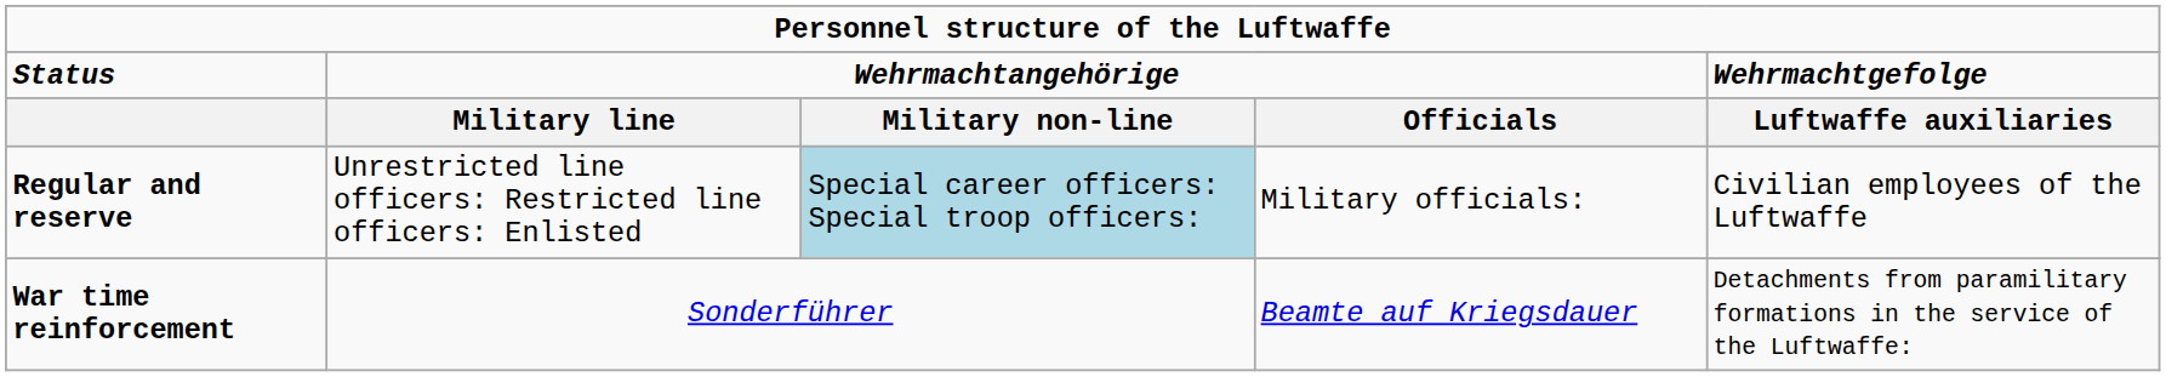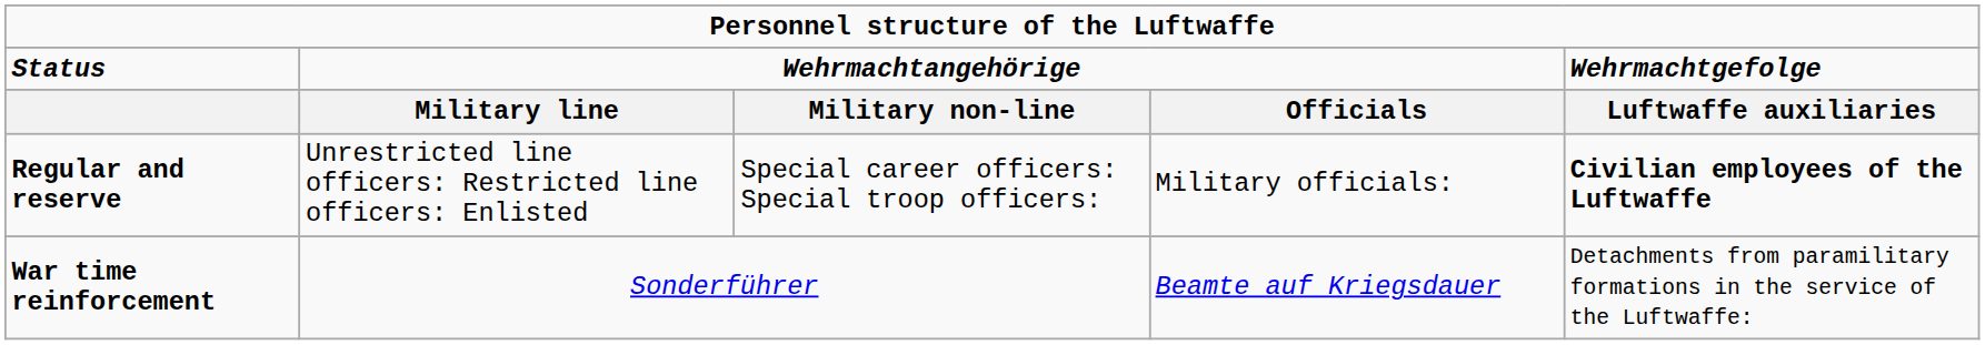 <table class="wikitable">
 <tr>
 <td colspan=5 style="text-align:center;"><strong>Personnel structure of the Luftwaffe</strong> </td>
 </tr>
 <tr>
 <td colspan=1><strong><em>Status</em></strong></td>
 <td colspan=3 style="text-align:center;"><strong><em>Wehrmachtangehörige</em></strong></td>
 <td colspan=1><strong><em>Wehrmachtgefolge</em></strong></td>
 </tr>
 <tr>
 <th align="left" width="140"></th>
 <th align="left" width="210">Military line</th>
 <th align="left" width="200">Military non-line</th>
 <th align="left" width="200">Officials</th>
 <th align="left" width="200">Luftwaffe auxiliaries</th>
 </tr>
 <tr>
 <td><strong>Regular and reserve</strong></td>
 <td>Unrestricted line officers: <small></small> Restricted line officers: <small></small> Enlisted</td>
-<td style="background: lightblue;">Special career officers: <small></small> Special troop officers: <small></small></td>
+<td>Special career officers: <small></small> Special troop officers: <small></small></td>
 <td>Military officials: <small></small></td>
-<td>Civilian employees of the Luftwaffe</td>
+<td><strong>Civilian employees of the Luftwaffe</strong></td>
 </tr>
 <tr>
 <td><strong>War time reinforcement</strong></td>
 <td colspan=2 style="text-align:center;"><em><a href='#'>Sonderführer</a></em></td>
 <td><em><a href='#'>Beamte auf Kriegsdauer</a></em></td>
 <td> <small>Detachments from paramilitary formations in the service of the Luftwaffe:</small></td>
 </tr>
 </table>
